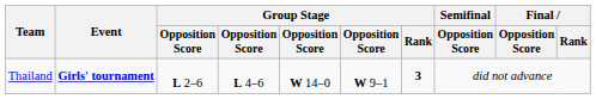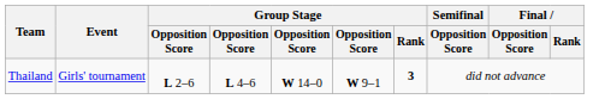 <table class=wikitable style=font-size:90%;text-align:center>
 <tr>
 <th rowspan=2>Team</th>
 <th rowspan=2>Event</th>
 <th colspan=5>Group Stage</th>
 <th>Semifinal</th>
 <th colspan=2>Final / </th>
 </tr>
 <tr style=font-size:95%>
 <th>Opposition<br>Score</th>
 <th>Opposition<br>Score</th>
 <th>Opposition<br>Score</th>
 <th>Opposition<br>Score</th>
 <th>Rank</th>
 <th>Opposition<br>Score</th>
 <th>Opposition<br>Score</th>
 <th>Rank</th>
 </tr>
 <tr>
 <td align=left><a href='#'>Thailand</a></td>
-<td align=left><strong><a href='#'>Girls' tournament</a></strong></td>
+<td align=left><a href='#'>Girls' tournament</a></td>
 <td><br><strong>L</strong> 2–6</td>
 <td><br><strong>L</strong> 4–6</td>
 <td><br><strong>W</strong> 14–0</td>
 <td><br><strong>W</strong> 9–1</td>
 <td><strong>3</strong></td>
 <td colspan=3><em>did not advance</em></td>
 </tr>
 </table>
